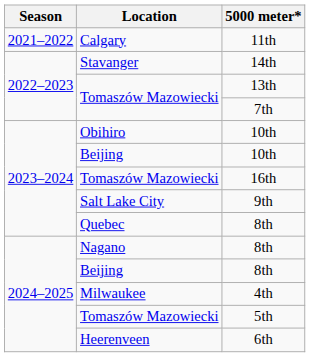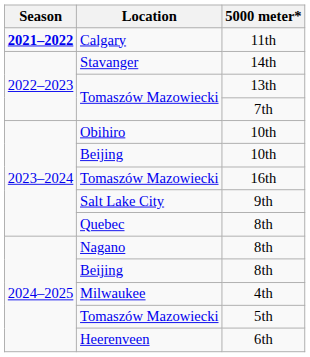 <table class="wikitable" style="display: inline-table;">
 <tr>
 <th>Season</th>
 <th>Location</th>
 <th colspan="1">5000 meter*</th>
 </tr>
 <tr style="text-align:center">
-<td><a href='#'>2021–2022</a></td>
+<td><strong><a href='#'>2021–2022</a></strong></td>
 <td align=left> <a href='#'>Calgary</a></td>
 <td>11th</td>
 </tr>
 <tr style="text-align:center">
 <td rowspan=3><a href='#'>2022–2023</a></td>
 <td align=left> <a href='#'>Stavanger</a></td>
 <td>14th</td>
 </tr>
 <tr style="text-align:center">
 <td align=left rowspan=2> <a href='#'>Tomaszów Mazowiecki</a></td>
 <td>13th</td>
 </tr>
 <tr style="text-align:center">
 <td>7th</td>
 </tr>
 <tr style="text-align:center">
 <td rowspan=5><a href='#'>2023–2024</a></td>
 <td align=left> <a href='#'>Obihiro</a></td>
 <td>10th</td>
 </tr>
 <tr style="text-align:center">
 <td align=left> <a href='#'>Beijing</a></td>
 <td>10th</td>
 </tr>
 <tr style="text-align:center">
 <td align=left> <a href='#'>Tomaszów Mazowiecki</a></td>
 <td>16th</td>
 </tr>
 <tr style="text-align:center">
 <td align=left> <a href='#'>Salt Lake City</a></td>
 <td>9th</td>
 </tr>
 <tr style="text-align:center">
 <td align=left> <a href='#'>Quebec</a></td>
 <td>8th</td>
 </tr>
 <tr style="text-align:center">
 <td rowspan=5><a href='#'>2024–2025</a></td>
 <td align=left> <a href='#'>Nagano</a></td>
 <td>8th</td>
 </tr>
 <tr style="text-align:center">
 <td align=left> <a href='#'>Beijing</a></td>
 <td>8th</td>
 </tr>
 <tr style="text-align:center">
 <td align=left> <a href='#'>Milwaukee</a></td>
 <td>4th</td>
 </tr>
 <tr style="text-align:center">
 <td align=left> <a href='#'>Tomaszów Mazowiecki</a></td>
 <td>5th</td>
 </tr>
 <tr style="text-align:center">
 <td align=left> <a href='#'>Heerenveen</a></td>
 <td>6th</td>
 </tr>
 </table>
